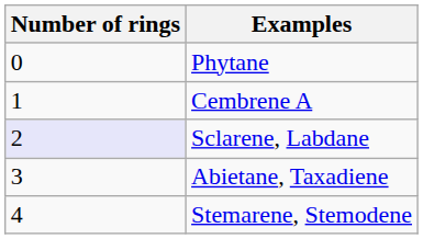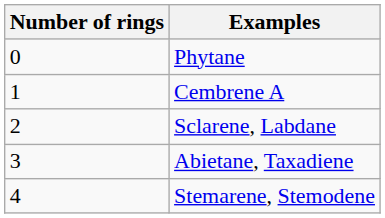 <table class="wikitable">
 <tr>
 <th>Number of rings</th>
 <th>Examples</th>
 </tr>
 <tr>
 <td>0</td>
 <td><a href='#'>Phytane</a></td>
 </tr>
 <tr>
 <td>1</td>
 <td><a href='#'>Cembrene A</a></td>
 </tr>
 <tr>
-<td style="background: lavender;">2</td>
+<td>2</td>
 <td><a href='#'>Sclarene</a>, <a href='#'>Labdane</a></td>
 </tr>
 <tr>
 <td>3</td>
 <td><a href='#'>Abietane</a>, <a href='#'>Taxadiene</a></td>
 </tr>
 <tr>
 <td>4</td>
 <td><a href='#'>Stemarene</a>, <a href='#'>Stemodene</a></td>
 </tr>
 </table>
